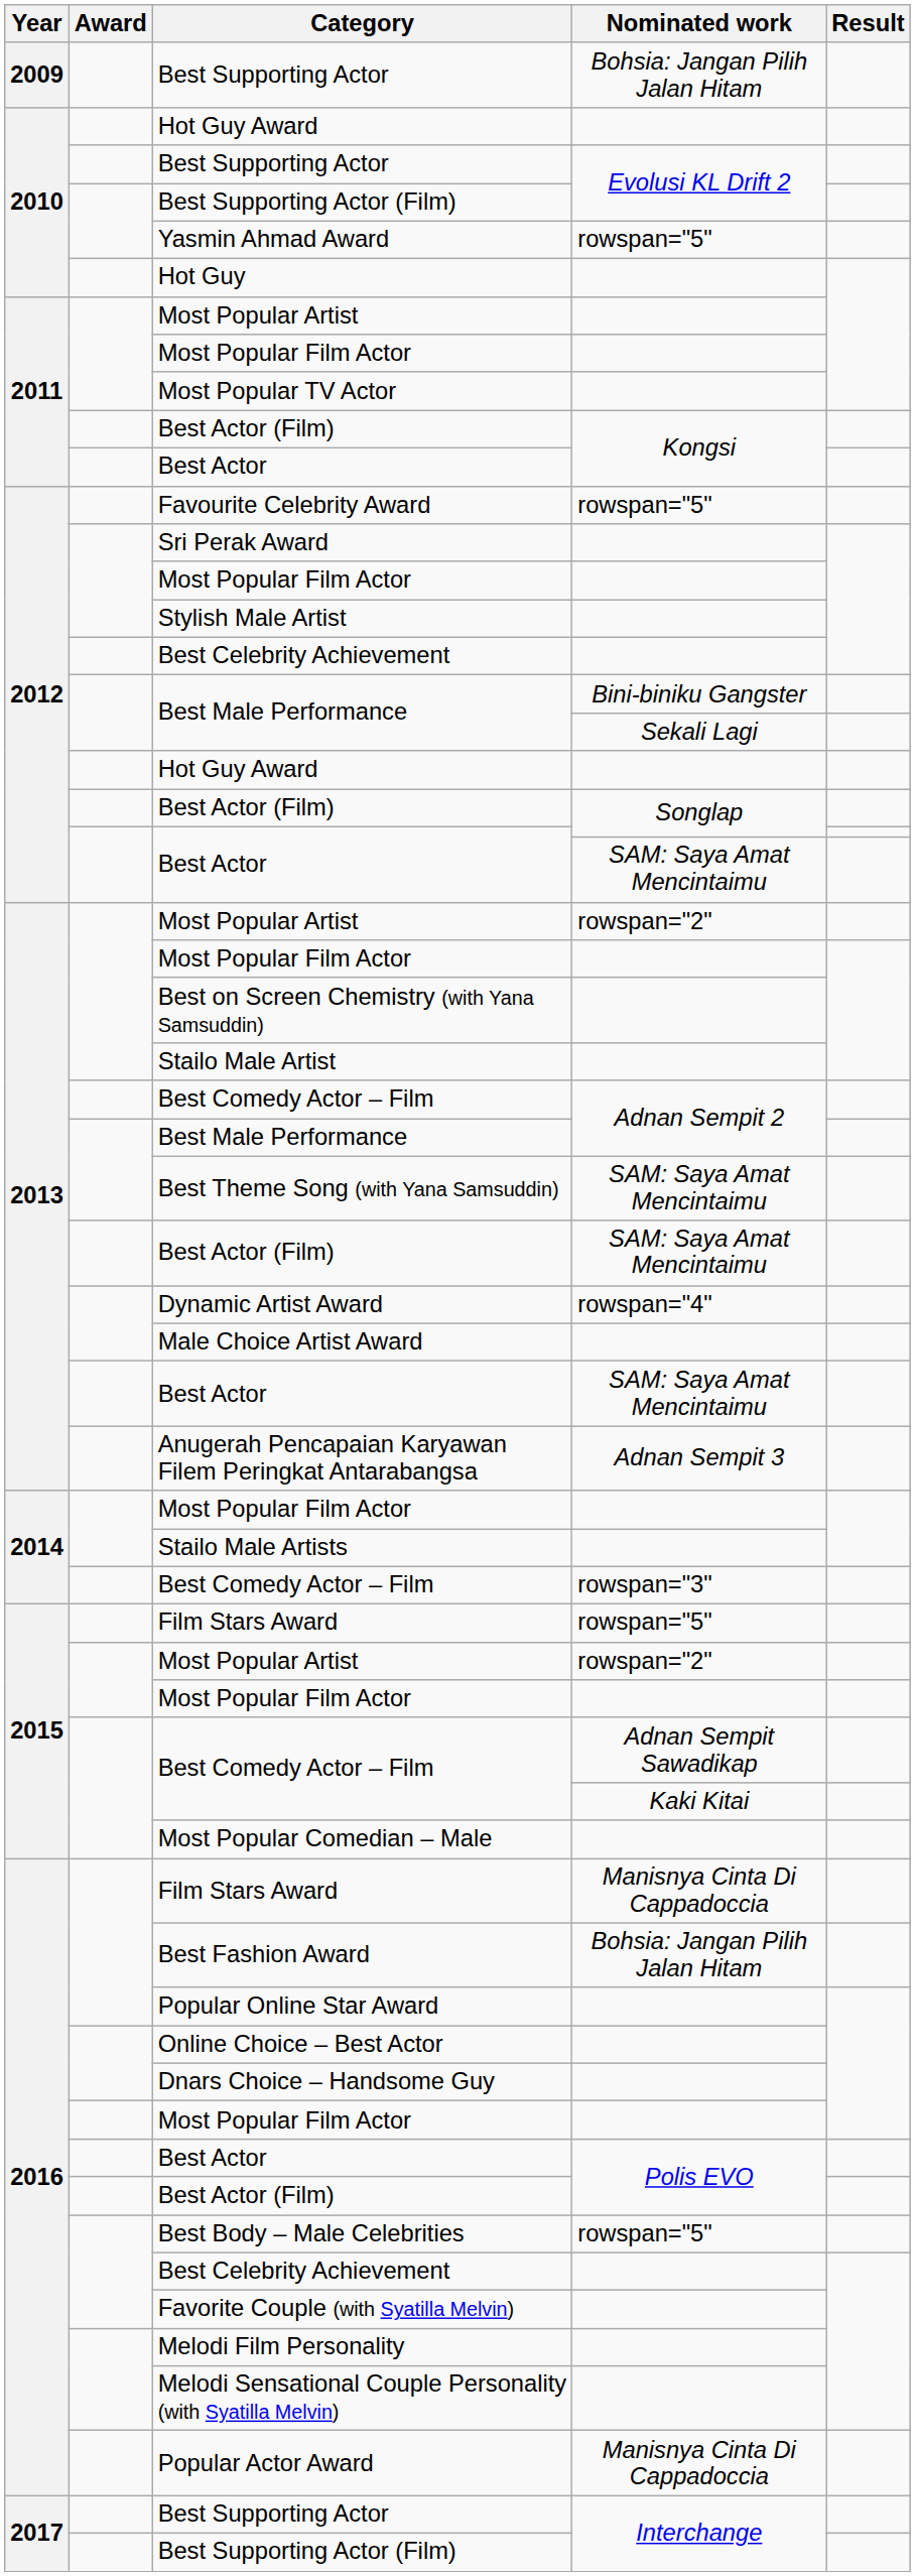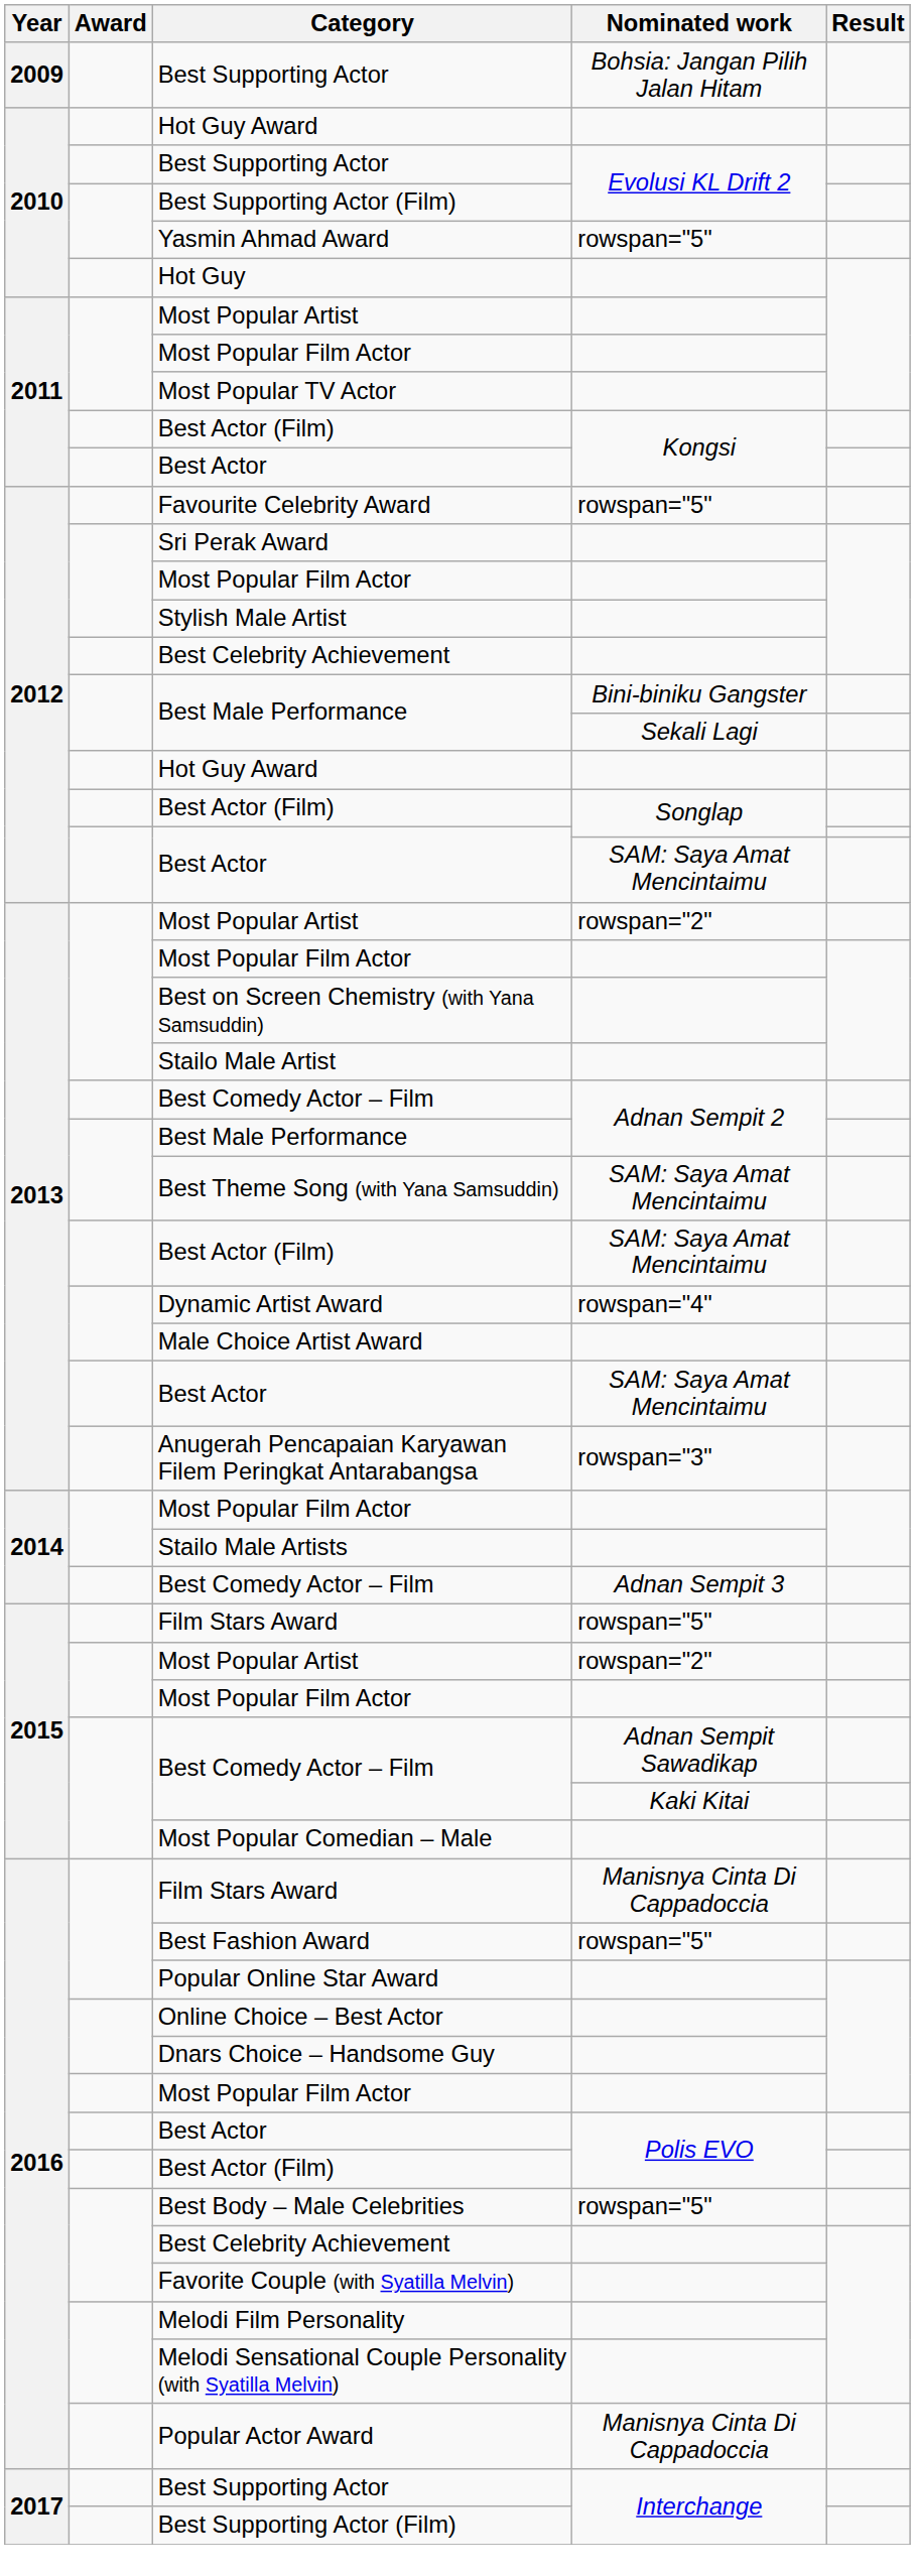 <table class="wikitable">
 <tr>
 <th>Year</th>
 <th>Award</th>
 <th>Category</th>
 <th>Nominated work</th>
 <th>Result</th>
 </tr>
 <tr>
 <th>2009</th>
 <td></td>
 <td>Best Supporting Actor</td>
 <td style="text-align:center;"><em>Bohsia: Jangan Pilih Jalan Hitam</em></td>
 <td></td>
 </tr>
 <tr>
 <th rowspan="5">2010</th>
 <td></td>
 <td>Hot Guy Award</td>
 <td></td>
 <td></td>
 </tr>
 <tr>
 <td></td>
 <td>Best Supporting Actor</td>
 <td rowspan="2" style="text-align:center;"><em><a href='#'>Evolusi KL Drift 2</a></em></td>
 <td></td>
 </tr>
 <tr>
 <td rowspan="2"></td>
 <td>Best Supporting Actor (Film)</td>
 <td></td>
 </tr>
 <tr>
 <td>Yasmin Ahmad Award</td>
 <td>rowspan="5" </td>
 <td></td>
 </tr>
 <tr>
 <td></td>
 <td>Hot Guy</td>
 <td></td>
 </tr>
 <tr>
 <th rowspan="5">2011</th>
 <td rowspan="3"></td>
 <td>Most Popular Artist</td>
 <td></td>
 </tr>
 <tr>
 <td>Most Popular Film Actor</td>
 <td></td>
 </tr>
 <tr>
 <td>Most Popular TV Actor</td>
 <td></td>
 </tr>
 <tr>
 <td></td>
 <td>Best Actor (Film)</td>
 <td rowspan="2" style="text-align:center;"><em>Kongsi</em></td>
 <td></td>
 </tr>
 <tr>
 <td></td>
 <td>Best Actor</td>
 <td></td>
 </tr>
 <tr>
 <th rowspan="11">2012</th>
 <td></td>
 <td>Favourite Celebrity Award</td>
 <td>rowspan="5" </td>
 <td></td>
 </tr>
 <tr>
 <td rowspan="3"></td>
 <td>Sri Perak Award</td>
 <td></td>
 </tr>
 <tr>
 <td>Most Popular Film Actor</td>
 <td></td>
 </tr>
 <tr>
 <td>Stylish Male Artist</td>
 <td></td>
 </tr>
 <tr>
 <td></td>
 <td>Best Celebrity Achievement</td>
 <td></td>
 </tr>
 <tr>
 <td rowspan="2"></td>
 <td rowspan="2">Best Male Performance</td>
 <td style="text-align:center;"><em>Bini-biniku Gangster</em></td>
 <td></td>
 </tr>
 <tr>
 <td style="text-align:center;"><em>Sekali Lagi</em></td>
 <td></td>
 </tr>
 <tr>
 <td></td>
 <td>Hot Guy Award</td>
 <td></td>
 <td></td>
 </tr>
 <tr>
 <td></td>
 <td>Best Actor (Film)</td>
 <td rowspan="2" style="text-align:center;"><em>Songlap</em></td>
 <td></td>
 </tr>
 <tr>
 <td rowspan="2"></td>
 <td rowspan="2">Best Actor</td>
 <td></td>
 </tr>
 <tr>
 <td style="text-align:center;"><em>SAM: Saya Amat Mencintaimu</em></td>
 <td></td>
 </tr>
 <tr>
 <th rowspan="12">2013</th>
 <td rowspan="4"></td>
 <td>Most Popular Artist</td>
 <td>rowspan="2" </td>
 <td></td>
 </tr>
 <tr>
 <td>Most Popular Film Actor</td>
 <td></td>
 </tr>
 <tr>
 <td>Best on Screen Chemistry <small>(with Yana Samsuddin)</small></td>
 <td></td>
 </tr>
 <tr>
 <td>Stailo Male Artist</td>
 <td></td>
 </tr>
 <tr>
 <td></td>
 <td>Best Comedy Actor – Film</td>
 <td rowspan="2" style="text-align:center;"><em>Adnan Sempit 2</em></td>
 <td></td>
 </tr>
 <tr>
 <td rowspan="2"></td>
 <td>Best Male Performance</td>
 <td></td>
 </tr>
 <tr>
 <td>Best Theme Song <small>(with Yana Samsuddin)</small></td>
 <td style="text-align:center;"><em>SAM: Saya Amat Mencintaimu</em></td>
 <td></td>
 </tr>
 <tr>
 <td></td>
 <td>Best Actor (Film)</td>
 <td style="text-align:center;"><em>SAM: Saya Amat Mencintaimu</em></td>
 <td></td>
 </tr>
 <tr>
 <td rowspan="2"></td>
 <td>Dynamic Artist Award</td>
 <td>rowspan="4" </td>
 <td></td>
 </tr>
 <tr>
 <td>Male Choice Artist Award</td>
 <td></td>
 </tr>
 <tr>
 <td></td>
 <td>Best Actor</td>
 <td style="text-align:center;"><em>SAM: Saya Amat Mencintaimu</em></td>
 <td></td>
 </tr>
 <tr>
 <td></td>
 <td>Anugerah Pencapaian Karyawan Filem Peringkat Antarabangsa</td>
-<td style="text-align:center;"><em>Adnan Sempit 3</em></td>
+<td>rowspan="3" </td>
 <td></td>
 </tr>
 <tr>
 <th rowspan="3">2014</th>
 <td rowspan="2"></td>
 <td>Most Popular Film Actor</td>
 <td></td>
 </tr>
 <tr>
 <td>Stailo Male Artists</td>
 <td></td>
 </tr>
 <tr>
 <td></td>
 <td>Best Comedy Actor – Film</td>
-<td>rowspan="3" </td>
+<td style="text-align:center;"><em>Adnan Sempit 3</em></td>
 <td></td>
 </tr>
 <tr>
 <th rowspan="6">2015</th>
 <td></td>
 <td>Film Stars Award</td>
 <td>rowspan="5" </td>
 <td></td>
 </tr>
 <tr>
 <td rowspan="2"></td>
 <td>Most Popular Artist</td>
 <td>rowspan="2" </td>
 <td></td>
 </tr>
 <tr>
 <td>Most Popular Film Actor</td>
 <td></td>
 </tr>
 <tr>
 <td rowspan="3"></td>
 <td rowspan="2">Best Comedy Actor – Film</td>
 <td style="text-align:center;"><em>Adnan Sempit Sawadikap</em></td>
 <td></td>
 </tr>
 <tr>
 <td style="text-align:center;"><em>Kaki Kitai</em></td>
 <td></td>
 </tr>
 <tr>
 <td>Most Popular Comedian – Male</td>
 <td></td>
 <td></td>
 </tr>
 <tr>
 <th rowspan="14">2016</th>
 <td rowspan="3"></td>
 <td>Film Stars Award</td>
 <td style="text-align:center;"><em>Manisnya Cinta Di Cappadoccia</em></td>
 <td></td>
 </tr>
 <tr>
 <td>Best Fashion Award</td>
-<td style="text-align:center;"><em>Bohsia: Jangan Pilih Jalan Hitam</em></td>
+<td>rowspan="5" </td>
 <td></td>
 </tr>
 <tr>
 <td>Popular Online Star Award</td>
 <td></td>
 </tr>
 <tr>
 <td rowspan="2"></td>
 <td>Online Choice – Best Actor</td>
 <td></td>
 </tr>
 <tr>
 <td>Dnars Choice – Handsome Guy</td>
 <td></td>
 </tr>
 <tr>
 <td></td>
 <td>Most Popular Film Actor</td>
 <td></td>
 </tr>
 <tr>
 <td></td>
 <td>Best Actor</td>
 <td rowspan="2" style="text-align:center;"><a href='#'><em>Polis EVO</em></a></td>
 <td></td>
 </tr>
 <tr>
 <td></td>
 <td>Best Actor (Film)</td>
 <td></td>
 </tr>
 <tr>
 <td rowspan="3"></td>
 <td>Best Body – Male Celebrities</td>
 <td>rowspan="5" </td>
 <td></td>
 </tr>
 <tr>
 <td>Best Celebrity Achievement</td>
 <td></td>
 </tr>
 <tr>
 <td>Favorite Couple <small>(with <a href='#'>Syatilla Melvin</a>)</small></td>
 <td></td>
 </tr>
 <tr>
 <td rowspan="2"></td>
 <td>Melodi Film Personality</td>
 <td></td>
 </tr>
 <tr>
 <td>Melodi Sensational Couple Personality <small>(with <a href='#'>Syatilla Melvin</a>)</small></td>
 <td></td>
 </tr>
 <tr>
 <td></td>
 <td>Popular Actor Award</td>
 <td style="text-align:center;"><em>Manisnya Cinta Di Cappadoccia</em></td>
 <td></td>
 </tr>
 <tr>
 <th rowspan="2">2017</th>
 <td></td>
 <td>Best Supporting Actor</td>
 <td rowspan="2" style="text-align:center;"><a href='#'><em>Interchange</em></a></td>
 <td></td>
 </tr>
 <tr>
 <td></td>
 <td>Best Supporting Actor (Film)</td>
 <td></td>
 </tr>
 <tr>
 </tr>
 </table>
